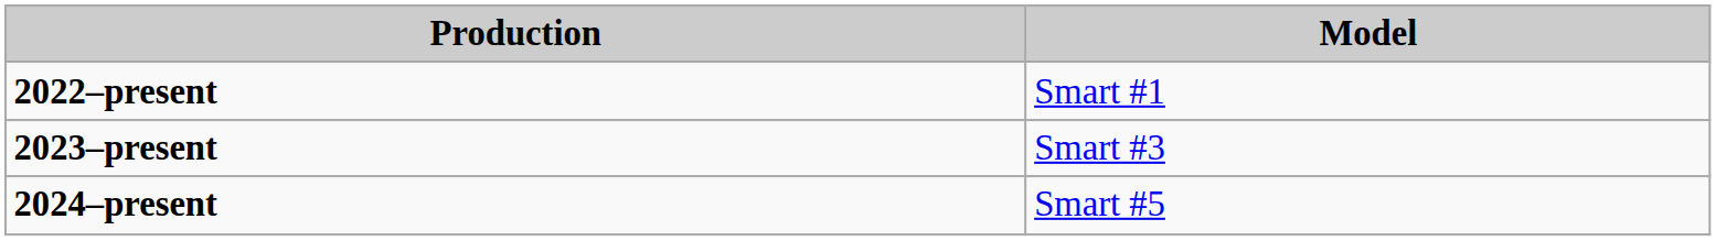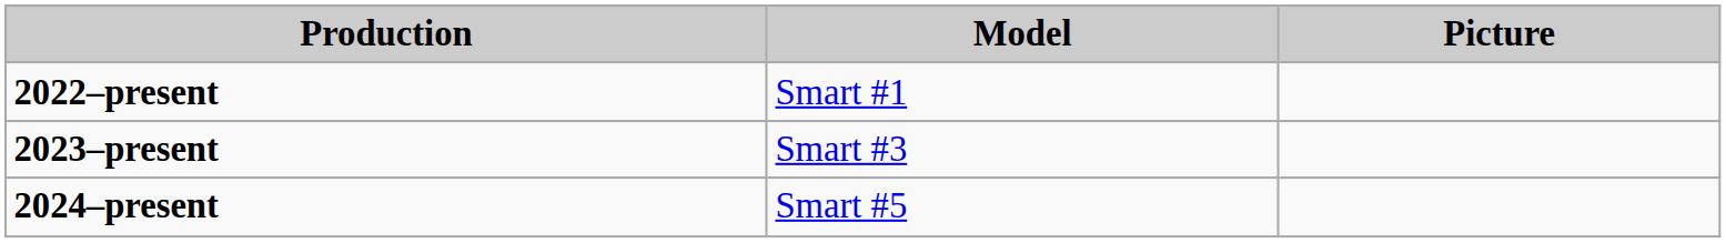 <table class="wikitable" style="width:60%;">
 <tr>
 <td style="background:#ccc;text-align:center;"><strong>Production</strong></td>
 <td style="background:#ccc;text-align:center;"><strong>Model</strong></td>
+<td style="background:#ccc;text-align:center;"><strong>Picture</strong></td>
 </tr>
 <tr>
 <td><strong>2022–present</strong></td>
 <td><a href='#'>Smart #1</a></td>
+<td></td>
 </tr>
 <tr>
 <td><strong>2023–present</strong></td>
 <td><a href='#'>Smart #3</a></td>
+<td></td>
 </tr>
 <tr>
 <td><strong>2024–present</strong></td>
 <td><a href='#'>Smart #5</a></td>
+<td></td>
 </tr>
 </table>
